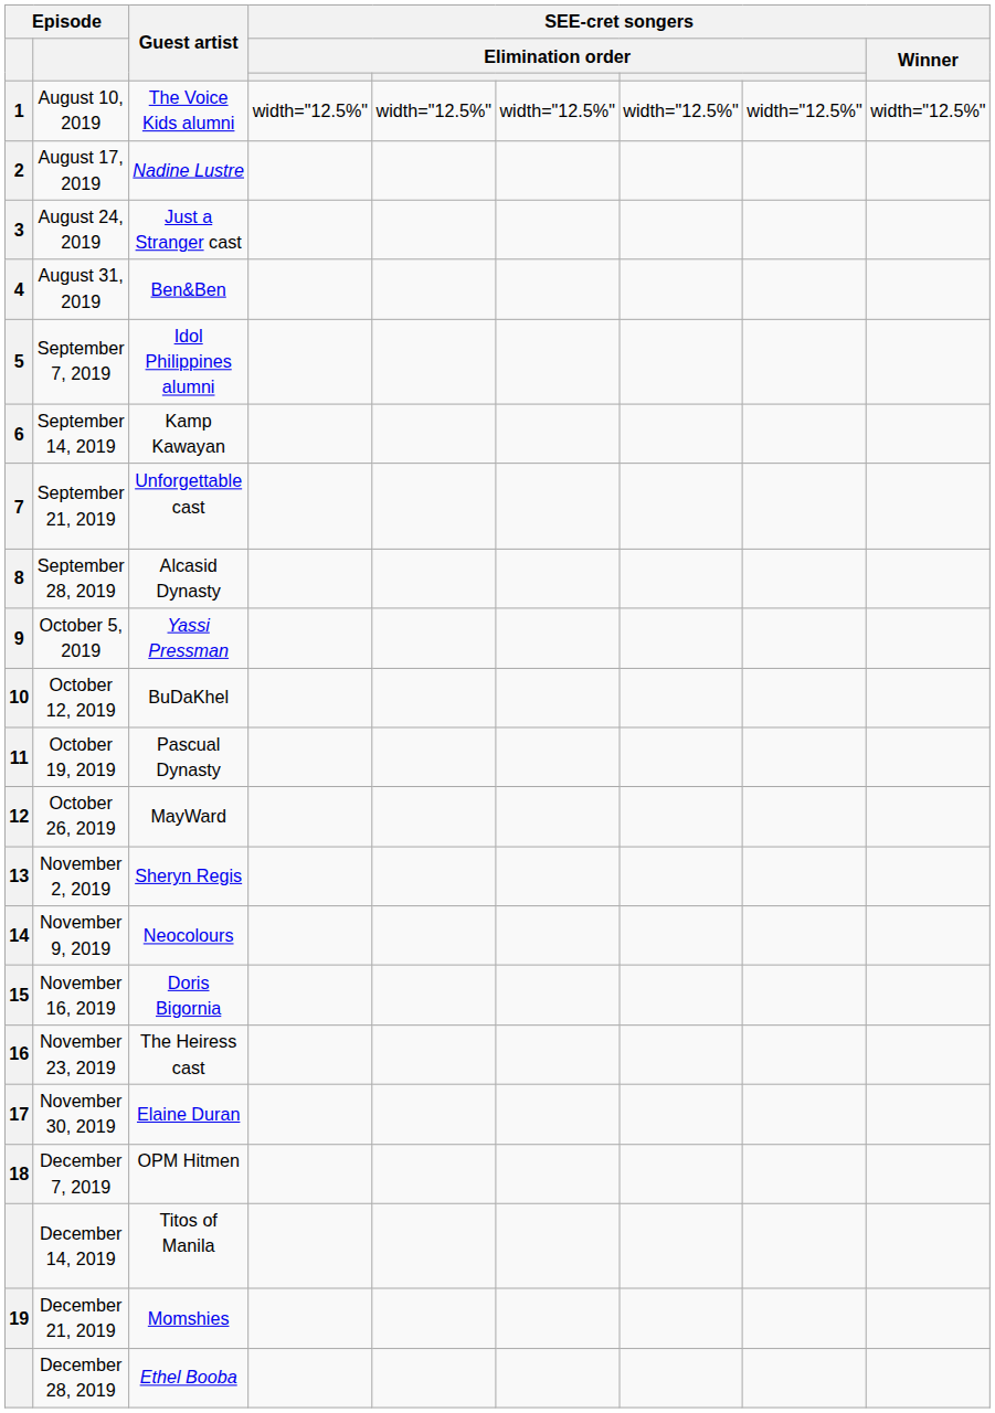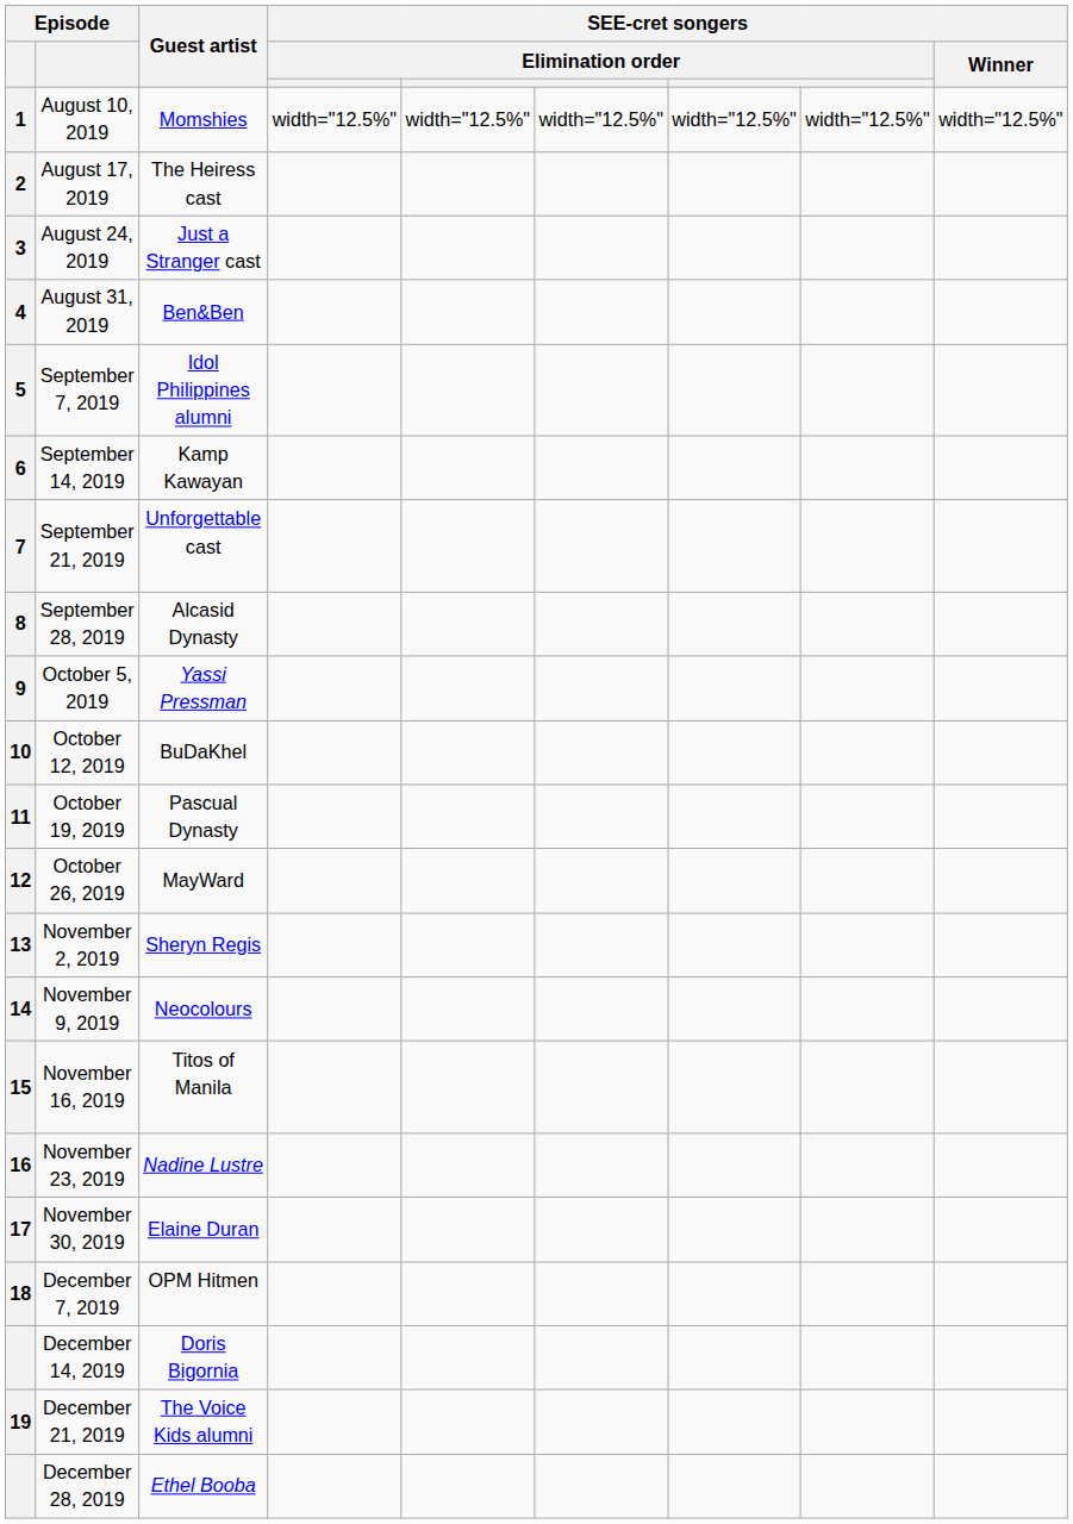 <table class="wikitable plainrowheaders mw-collapsible" style="text-align:center; line-height:23px; width:100%;">
 <tr>
 <th colspan="2" width="1%">Episode</th>
 <th rowspan="3" width="12.5%">Guest artist</th>
 <th colspan="6">SEE-cret songers<br></th>
 </tr>
 <tr>
 <th rowspan="2"></th>
 <th rowspan="2"></th>
 <th colspan="5">Elimination order</th>
 <th rowspan="2">Winner</th>
 </tr>
 <tr>
 <th></th>
 <th colspan="2"></th>
 <th colspan="2"></th>
 </tr>
 <tr>
 <th>1</th>
 <td>August 10, 2019</td>
-<td><a href='#'>The Voice Kids alumni</a><br></td>
+<td><a href='#'>Momshies</a><br></td>
 <td>width="12.5%" </td>
 <td>width="12.5%" </td>
 <td>width="12.5%" </td>
 <td>width="12.5%" </td>
 <td>width="12.5%" </td>
 <td>width="12.5%" </td>
 </tr>
 <tr>
 <th>2</th>
 <td>August 17, 2019</td>
-<td><em><a href='#'>Nadine Lustre</a></em><br></td>
+<td>The Heiress cast<br></td>
 <td></td>
 <td></td>
 <td></td>
 <td></td>
 <td></td>
 <td></td>
 </tr>
 <tr>
 <th>3</th>
 <td>August 24, 2019</td>
 <td><a href='#'>Just a Stranger</a> cast<br></td>
 <td></td>
 <td></td>
 <td></td>
 <td></td>
 <td></td>
 <td></td>
 </tr>
 <tr>
 <th>4</th>
 <td>August 31, 2019</td>
 <td><a href='#'>Ben&Ben</a></td>
 <td></td>
 <td></td>
 <td></td>
 <td></td>
 <td></td>
 <td></td>
 </tr>
 <tr>
 <th>5</th>
 <td>September 7, 2019</td>
 <td><a href='#'>Idol Philippines alumni</a><br></td>
 <td></td>
 <td></td>
 <td></td>
 <td></td>
 <td></td>
 <td></td>
 </tr>
 <tr>
 <th>6</th>
 <td>September 14, 2019</td>
 <td>Kamp Kawayan<br></td>
 <td></td>
 <td></td>
 <td></td>
 <td></td>
 <td></td>
 <td></td>
 </tr>
 <tr>
 <th>7</th>
 <td>September 21, 2019</td>
 <td><a href='#'>Unforgettable</a> cast<br><br></td>
 <td></td>
 <td></td>
 <td></td>
 <td></td>
 <td></td>
 <td></td>
 </tr>
 <tr>
 <th>8</th>
 <td>September 28, 2019</td>
 <td>Alcasid Dynasty<br></td>
 <td></td>
 <td></td>
 <td></td>
 <td></td>
 <td></td>
 <td></td>
 </tr>
 <tr>
 <th>9</th>
 <td>October 5, 2019</td>
 <td><em><a href='#'>Yassi Pressman</a></em></td>
 <td></td>
 <td></td>
 <td></td>
 <td></td>
 <td></td>
 <td></td>
 </tr>
 <tr>
 <th>10</th>
 <td>October 12, 2019</td>
 <td>BuDaKhel<br></td>
 <td></td>
 <td></td>
 <td></td>
 <td></td>
 <td></td>
 <td></td>
 </tr>
 <tr>
 <th>11</th>
 <td>October 19, 2019</td>
 <td>Pascual Dynasty<br></td>
 <td></td>
 <td></td>
 <td></td>
 <td></td>
 <td></td>
 <td></td>
 </tr>
 <tr>
 <th>12</th>
 <td>October 26, 2019</td>
 <td>MayWard<br></td>
 <td></td>
 <td></td>
 <td></td>
 <td></td>
 <td></td>
 <td></td>
 </tr>
 <tr>
 <th>13</th>
 <td>November 2, 2019</td>
 <td><a href='#'>Sheryn Regis</a></td>
 <td></td>
 <td></td>
 <td></td>
 <td></td>
 <td></td>
 <td></td>
 </tr>
 <tr>
 <th>14</th>
 <td>November 9, 2019</td>
 <td><a href='#'>Neocolours</a></td>
 <td></td>
 <td></td>
 <td></td>
 <td></td>
 <td></td>
 <td></td>
 </tr>
 <tr>
 <th>15</th>
 <td>November 16, 2019</td>
-<td><a href='#'>Doris Bigornia</a></td>
+<td>Titos of Manila<br><br></td>
 <td></td>
 <td></td>
 <td></td>
 <td></td>
 <td></td>
 <td></td>
 </tr>
 <tr>
 <th>16</th>
 <td>November 23, 2019</td>
-<td>The Heiress cast<br></td>
+<td><em><a href='#'>Nadine Lustre</a></em><br></td>
 <td></td>
 <td></td>
 <td></td>
 <td></td>
 <td></td>
 <td></td>
 </tr>
 <tr>
 <th>17</th>
 <td>November 30, 2019</td>
 <td><a href='#'>Elaine Duran</a></td>
 <td></td>
 <td></td>
 <td></td>
 <td></td>
 <td></td>
 <td></td>
 </tr>
 <tr>
 <th>18</th>
 <td>December 7, 2019</td>
 <td>OPM Hitmen<br><br></td>
 <td></td>
 <td></td>
 <td></td>
 <td></td>
 <td></td>
 <td></td>
 </tr>
 <tr>
 <th></th>
 <td>December 14, 2019</td>
-<td>Titos of Manila<br><br></td>
+<td><a href='#'>Doris Bigornia</a></td>
 <td></td>
 <td></td>
 <td></td>
 <td></td>
 <td></td>
 <td></td>
 </tr>
 <tr>
 <th>19</th>
 <td>December 21, 2019</td>
-<td><a href='#'>Momshies</a><br></td>
+<td><a href='#'>The Voice Kids alumni</a><br></td>
 <td></td>
 <td></td>
 <td></td>
 <td></td>
 <td></td>
 <td></td>
 </tr>
 <tr>
 <th></th>
 <td>December 28, 2019</td>
 <td><em><a href='#'>Ethel Booba</a></em></td>
 <td></td>
 <td></td>
 <td></td>
 <td></td>
 <td></td>
 <td></td>
 </tr>
 </table>
